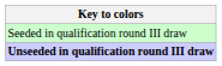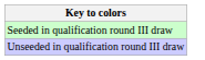 <table class="wikitable">
 <tr>
 <th>Key to colors</th>
 </tr>
 <tr bgcolor=#ccffcc>
 <td>Seeded in qualification round III draw</td>
 </tr>
 <tr bgcolor=#ccccff>
-<td><strong>Unseeded in qualification round III draw</strong></td>
+<td>Unseeded in qualification round III draw</td>
 </tr>
 </table>
